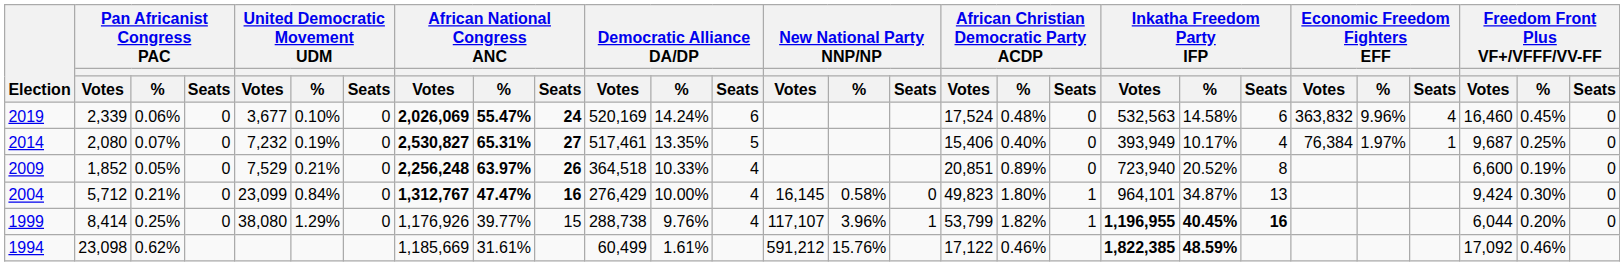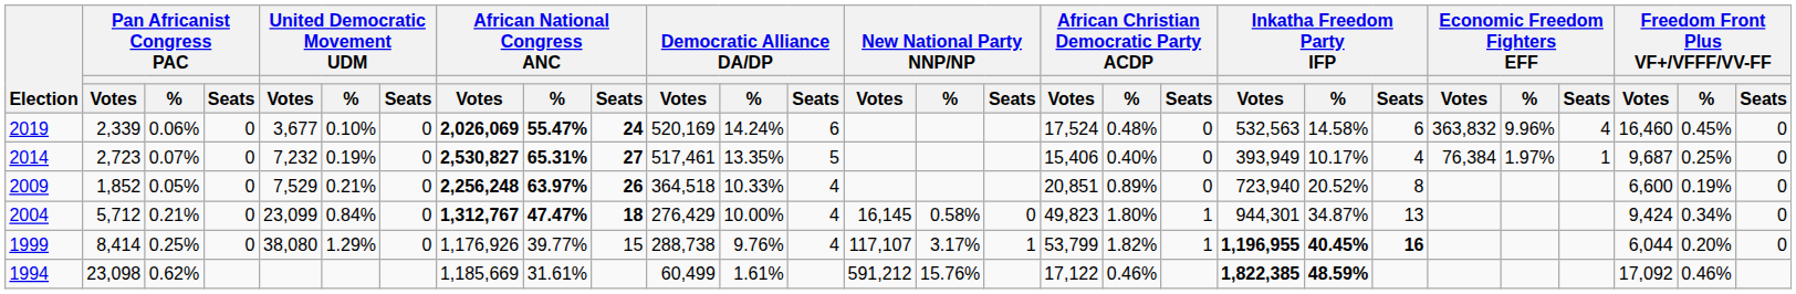 <table class="wikitable" border="1" style="font-size:80%; text-align:right;">
 <tr>
 <th style="text-align:left;" valign=bottom rowspan=3>Election</th>
 <th valign=bottom colspan=3><a href='#'>Pan Africanist<br>Congress</a><br>PAC</th>
 <th valign=bottom colspan=3><a href='#'>United Democratic<br>Movement</a><br>UDM</th>
 <th valign=bottom colspan=3><a href='#'>African National<br>Congress</a><br>ANC</th>
 <th valign=bottom colspan=3><a href='#'>Democratic Alliance</a><br>DA/DP</th>
 <th valign=bottom colspan=3><a href='#'>New National Party</a><br>NNP/NP</th>
 <th valign=bottom colspan=3><a href='#'>African Christian<br>Democratic Party</a><br>ACDP</th>
 <th valign=bottom colspan=3><a href='#'>Inkatha Freedom<br>Party</a><br>IFP</th>
 <th valign=bottom colspan=3><a href='#'>Economic Freedom<br>Fighters</a><br>EFF</th>
 <th valign=bottom colspan=3><a href='#'>Freedom Front<br>Plus</a><br>VF+/VFFF/VV-FF</th>
 </tr>
 <tr>
 <th colspan=3 style="background:"></th>
 <th colspan=3 style="background:"></th>
 <th colspan=3 style="background:"></th>
 <th colspan=3 style="background:"></th>
 <th colspan=3 style="background:"></th>
 <th colspan=3 style="background:"></th>
 <th colspan=3 style="background:"></th>
 <th colspan=3 style="background:"></th>
 <th colspan=3 style="background:"></th>
 </tr>
 <tr>
 <th>Votes</th>
 <th>%</th>
 <th>Seats</th>
 <th>Votes</th>
 <th>%</th>
 <th>Seats</th>
 <th>Votes</th>
 <th>%</th>
 <th>Seats</th>
 <th>Votes</th>
 <th>%</th>
 <th>Seats</th>
 <th>Votes</th>
 <th>%</th>
 <th>Seats</th>
 <th>Votes</th>
 <th>%</th>
 <th>Seats</th>
 <th>Votes</th>
 <th>%</th>
 <th>Seats</th>
 <th>Votes</th>
 <th>%</th>
 <th>Seats</th>
 <th>Votes</th>
 <th>%</th>
 <th>Seats</th>
 </tr>
 <tr>
 <td align=left><a href='#'>2019</a></td>
 <td>2,339</td>
 <td>0.06%</td>
 <td>0</td>
 <td>3,677</td>
 <td>0.10%</td>
 <td>0</td>
 <td><strong>2,026,069</strong></td>
 <td><strong>55.47%</strong></td>
 <td><strong>24</strong></td>
 <td>520,169</td>
 <td>14.24%</td>
 <td>6</td>
 <td></td>
 <td></td>
 <td></td>
 <td>17,524</td>
 <td>0.48%</td>
 <td>0</td>
 <td>532,563</td>
 <td>14.58%</td>
 <td>6</td>
 <td>363,832</td>
 <td>9.96%</td>
 <td>4</td>
 <td>16,460</td>
 <td>0.45%</td>
 <td>0</td>
 </tr>
 <tr>
 <td align=left><a href='#'>2014</a></td>
-<td>2,080</td>
+<td>2,723</td>
 <td>0.07%</td>
 <td>0</td>
 <td>7,232</td>
 <td>0.19%</td>
 <td>0</td>
 <td><strong>2,530,827</strong></td>
 <td><strong>65.31%</strong></td>
 <td><strong>27</strong></td>
 <td>517,461</td>
 <td>13.35%</td>
 <td>5</td>
 <td></td>
 <td></td>
 <td></td>
 <td>15,406</td>
 <td>0.40%</td>
 <td>0</td>
 <td>393,949</td>
 <td>10.17%</td>
 <td>4</td>
 <td>76,384</td>
 <td>1.97%</td>
 <td>1</td>
 <td>9,687</td>
 <td>0.25%</td>
 <td>0</td>
 </tr>
 <tr>
 <td align=left><a href='#'>2009</a></td>
 <td>1,852</td>
 <td>0.05%</td>
 <td>0</td>
 <td>7,529</td>
 <td>0.21%</td>
 <td>0</td>
 <td><strong>2,256,248</strong></td>
 <td><strong>63.97%</strong></td>
 <td><strong>26</strong></td>
 <td>364,518</td>
 <td>10.33%</td>
 <td>4</td>
 <td></td>
 <td></td>
 <td></td>
 <td>20,851</td>
 <td>0.89%</td>
 <td>0</td>
 <td>723,940</td>
 <td>20.52%</td>
 <td>8</td>
 <td></td>
 <td></td>
 <td></td>
 <td>6,600</td>
 <td>0.19%</td>
 <td>0</td>
 </tr>
 <tr>
 <td align=left><a href='#'>2004</a></td>
 <td>5,712</td>
 <td>0.21%</td>
 <td>0</td>
 <td>23,099</td>
 <td>0.84%</td>
 <td>0</td>
 <td><strong>1,312,767</strong></td>
 <td><strong>47.47%</strong></td>
-<td><strong>16</strong></td>
+<td><strong>18</strong></td>
 <td>276,429</td>
 <td>10.00%</td>
 <td>4</td>
 <td>16,145</td>
 <td>0.58%</td>
 <td>0</td>
 <td>49,823</td>
 <td>1.80%</td>
 <td>1</td>
-<td>964,101</td>
+<td>944,301</td>
 <td>34.87%</td>
 <td>13</td>
 <td></td>
 <td></td>
 <td></td>
 <td>9,424</td>
-<td>0.30%</td>
+<td>0.34%</td>
 <td>0</td>
 </tr>
 <tr>
 <td align=left><a href='#'>1999</a></td>
 <td>8,414</td>
 <td>0.25%</td>
 <td>0</td>
 <td>38,080</td>
 <td>1.29%</td>
 <td>0</td>
 <td>1,176,926</td>
 <td>39.77%</td>
 <td>15</td>
 <td>288,738</td>
 <td>9.76%</td>
 <td>4</td>
 <td>117,107</td>
-<td>3.96%</td>
+<td>3.17%</td>
 <td>1</td>
 <td>53,799</td>
 <td>1.82%</td>
 <td>1</td>
 <td><strong>1,196,955</strong></td>
 <td><strong>40.45%</strong></td>
 <td><strong>16</strong></td>
 <td></td>
 <td></td>
 <td></td>
 <td>6,044</td>
 <td>0.20%</td>
 <td>0</td>
 </tr>
 <tr>
 <td align=left><a href='#'>1994</a></td>
 <td>23,098</td>
 <td>0.62%</td>
 <td></td>
 <td></td>
 <td></td>
 <td></td>
 <td>1,185,669</td>
 <td>31.61%</td>
 <td></td>
 <td>60,499</td>
 <td>1.61%</td>
 <td></td>
 <td>591,212</td>
 <td>15.76%</td>
 <td></td>
 <td>17,122</td>
 <td>0.46%</td>
 <td></td>
 <td><strong>1,822,385</strong></td>
 <td><strong>48.59%</strong></td>
 <td></td>
 <td></td>
 <td></td>
 <td></td>
 <td>17,092</td>
 <td>0.46%</td>
 <td></td>
 </tr>
 </table>
